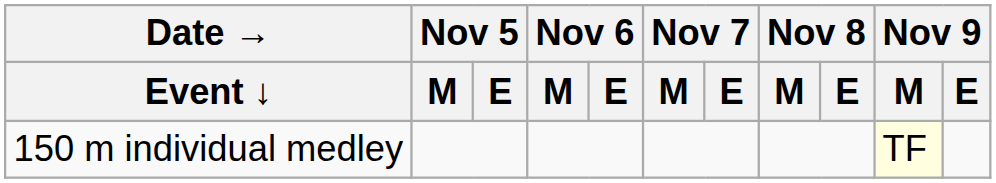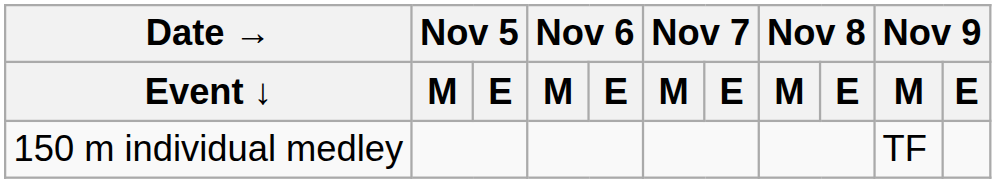 <table class="wikitable swimming-schedule floatleft">
 <tr>
 <th>Date →</th>
 <th colspan="2">Nov 5</th>
 <th colspan="2">Nov 6</th>
 <th colspan="2">Nov 7</th>
 <th colspan="2">Nov 8</th>
 <th colspan="2">Nov 9</th>
 </tr>
 <tr>
 <th>Event   ↓</th>
 <th>M</th>
 <th>E</th>
 <th>M</th>
 <th>E</th>
 <th>M</th>
 <th>E</th>
 <th>M</th>
 <th>E</th>
 <th>M</th>
 <th>E</th>
 </tr>
 <tr>
 <td class="event">150 m individual medley</td>
 <td colspan=2></td>
 <td colspan=2></td>
 <td colspan=2></td>
 <td colspan=2></td>
-<td class="timed-final" style="background: lightyellow;">TF</td>
+<td class="timed-final">TF</td>
 <td></td>
 </tr>
 </table>
